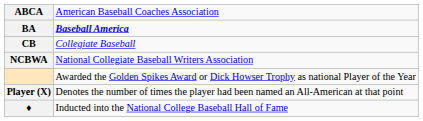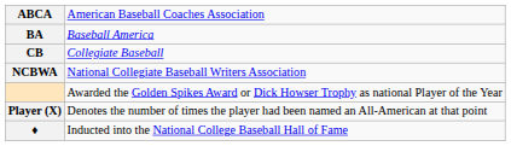 <table class="wikitable">
 <tr>
 <th scope="row">ABCA</th>
 <td><a href='#'>American Baseball Coaches Association</a></td>
 </tr>
 <tr>
 <th scope="row">BA</th>
-<td><strong><em><a href='#'>Baseball America</a></em></strong></td>
+<td><em><a href='#'>Baseball America</a></em></td>
 </tr>
 <tr>
 <th scope="row">CB</th>
 <td><em><a href='#'>Collegiate Baseball</a></em></td>
 </tr>
 <tr>
 <th scope="row">NCBWA</th>
 <td><a href='#'>National Collegiate Baseball Writers Association</a></td>
 </tr>
 <tr>
 <th scope="row" style="background-color:#FFE6BD"></th>
 <td>Awarded the <a href='#'>Golden Spikes Award</a> or <a href='#'>Dick Howser Trophy</a> as national Player of the Year</td>
 </tr>
 <tr>
 <th scope="row">Player (X)</th>
 <td>Denotes the number of times the player had been named an All-American at that point</td>
 </tr>
 <tr>
 <th scope="row">♦</th>
 <td>Inducted into the <a href='#'>National College Baseball Hall of Fame</a></td>
 </tr>
 </table>
